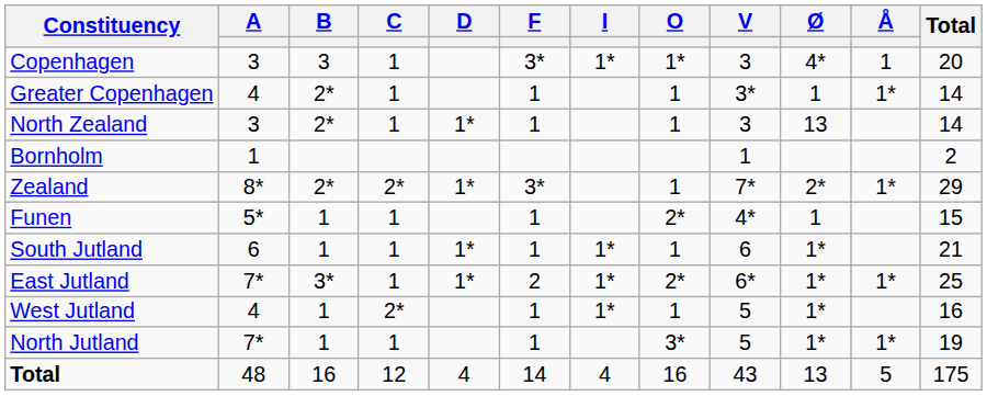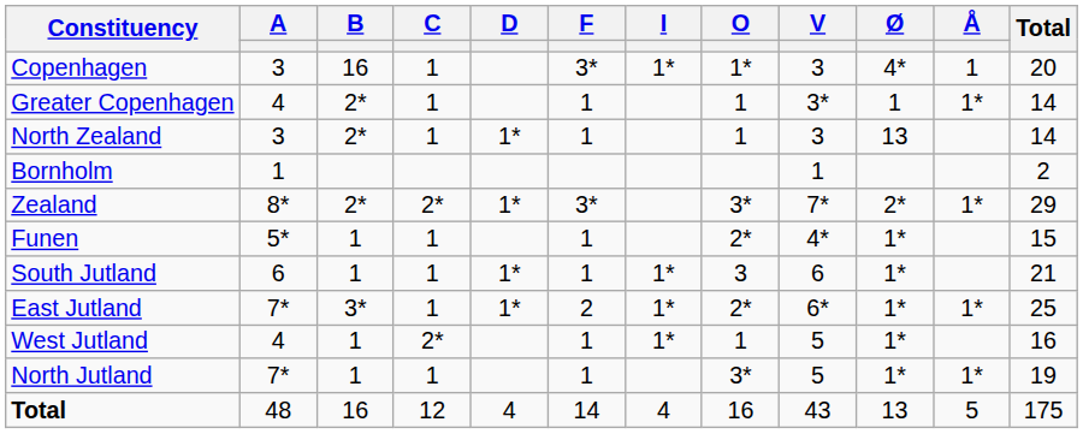 <table class="wikitable sortable" style="text-align:center;font-size:90%;line-height:14px">
 <tr>
 <th rowspan="2" class="wikitable sortable"><a href='#'>Constituency</a></th>
 <th class="wikitable sortable" style="width:40px;"><a href='#'>A</a></th>
 <th class="wikitable sortable" style="width:40px;"><a href='#'>B</a></th>
 <th class="wikitable sortable" style="width:40px;"><a href='#'>C</a></th>
 <th class="wikitable sortable" style="width:40px;"><a href='#'>D</a></th>
 <th class="wikitable sortable" style="width:40px;"><a href='#'>F</a></th>
 <th class="wikitable sortable" style="width:40px;"><a href='#'>I</a></th>
 <th class="wikitable sortable" style="width:40px;"><a href='#'>O</a></th>
 <th class="wikitable sortable" style="width:40px;"><a href='#'>V</a></th>
 <th class="wikitable sortable" style="width:40px;"><a href='#'>Ø</a></th>
 <th class="wikitable sortable" style="width:40px;"><a href='#'>Å</a></th>
 <th rowspan="2">Total</th>
 </tr>
 <tr>
 <th class="wikitable sortable" style="background:"></th>
 <th class="wikitable sortable" style="background:"></th>
 <th class="wikitable sortable" style="background:"></th>
 <th class="wikitable sortable" style="background:"></th>
 <th class="wikitable sortable" style="background:"></th>
 <th class="wikitable sortable" style="background:"></th>
 <th class="wikitable sortable" style="background:"></th>
 <th class="wikitable sortable" style="background:"></th>
 <th class="wikitable sortable" style="background:"></th>
 <th class="wikitable sortable" style="background:"></th>
 </tr>
 <tr>
 <td align="left"><a href='#'>Copenhagen</a></td>
 <td>3</td>
-<td>3</td>
+<td>16</td>
 <td>1</td>
 <td></td>
 <td>3*</td>
 <td>1*</td>
 <td>1*</td>
 <td>3</td>
 <td>4*</td>
 <td>1</td>
 <td>20</td>
 </tr>
 <tr>
 <td align="left"><a href='#'>Greater Copenhagen</a></td>
 <td>4</td>
 <td>2*</td>
 <td>1</td>
 <td></td>
 <td>1</td>
 <td></td>
 <td>1</td>
 <td>3*</td>
 <td>1</td>
 <td>1*</td>
 <td>14</td>
 </tr>
 <tr>
 <td align="left"><a href='#'>North Zealand</a></td>
 <td>3</td>
 <td>2*</td>
 <td>1</td>
 <td>1*</td>
 <td>1</td>
 <td></td>
 <td>1</td>
 <td>3</td>
 <td>13</td>
 <td></td>
 <td>14</td>
 </tr>
 <tr>
 <td align="left"><a href='#'>Bornholm</a></td>
 <td>1</td>
 <td></td>
 <td></td>
 <td></td>
 <td></td>
 <td></td>
 <td></td>
 <td>1</td>
 <td></td>
 <td></td>
 <td>2</td>
 </tr>
 <tr>
 <td align="left"><a href='#'>Zealand</a></td>
 <td>8*</td>
 <td>2*</td>
 <td>2*</td>
 <td>1*</td>
 <td>3*</td>
 <td></td>
-<td>1</td>
+<td>3*</td>
 <td>7*</td>
 <td>2*</td>
 <td>1*</td>
 <td>29</td>
 </tr>
 <tr>
 <td align="left"><a href='#'>Funen</a></td>
 <td>5*</td>
 <td>1</td>
 <td>1</td>
 <td></td>
 <td>1</td>
 <td></td>
 <td>2*</td>
 <td>4*</td>
-<td>1</td>
+<td>1*</td>
 <td></td>
 <td>15</td>
 </tr>
 <tr>
 <td align="left"><a href='#'>South Jutland</a></td>
 <td>6</td>
 <td>1</td>
 <td>1</td>
 <td>1*</td>
 <td>1</td>
 <td>1*</td>
-<td>1</td>
+<td>3</td>
 <td>6</td>
 <td>1*</td>
 <td></td>
 <td>21</td>
 </tr>
 <tr>
 <td align="left"><a href='#'>East Jutland</a></td>
 <td>7*</td>
 <td>3*</td>
 <td>1</td>
 <td>1*</td>
 <td>2</td>
 <td>1*</td>
 <td>2*</td>
 <td>6*</td>
 <td>1*</td>
 <td>1*</td>
 <td>25</td>
 </tr>
 <tr>
 <td align="left"><a href='#'>West Jutland</a></td>
 <td>4</td>
 <td>1</td>
 <td>2*</td>
 <td></td>
 <td>1</td>
 <td>1*</td>
 <td>1</td>
 <td>5</td>
 <td>1*</td>
 <td></td>
 <td>16</td>
 </tr>
 <tr>
 <td align="left"><a href='#'>North Jutland</a></td>
 <td>7*</td>
 <td>1</td>
 <td>1</td>
 <td></td>
 <td>1</td>
 <td></td>
 <td>3*</td>
 <td>5</td>
 <td>1*</td>
 <td>1*</td>
 <td>19</td>
 </tr>
 <tr class=sortbottom>
 <td align="left"><strong>Total</strong></td>
 <td>48</td>
 <td>16</td>
 <td>12</td>
 <td>4</td>
 <td>14</td>
 <td>4</td>
 <td>16</td>
 <td>43</td>
 <td>13</td>
 <td>5</td>
 <td>175</td>
 </tr>
 </table>
